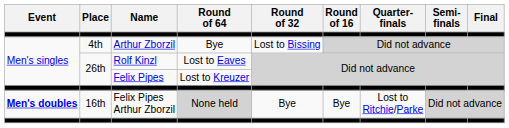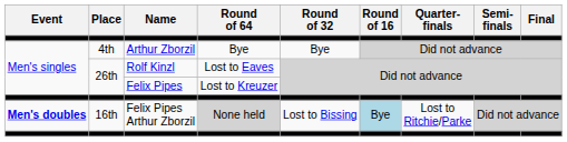 <table class=wikitable>
 <tr>
 <th>Event</th>
 <th>Place</th>
 <th>Name</th>
 <th>Round <br> of 64</th>
 <th>Round <br> of 32</th>
 <th>Round <br> of 16</th>
 <th>Quarter-<br>finals</th>
 <th>Semi-<br>finals</th>
 <th>Final</th>
 </tr>
 <tr bgcolor=black>
 <td></td>
 <td></td>
 <td></td>
 <td></td>
 <td></td>
 <td></td>
 <td></td>
 <td></td>
 <td></td>
 </tr>
 <tr align=center>
 <td rowspan=3 align=left><a href='#'>Men's singles</a></td>
 <td>4th</td>
 <td align=left><a href='#'>Arthur Zborzil</a></td>
 <td>Bye</td>
-<td>Lost to <a href='#'>Bissing</a></td>
+<td>Bye</td>
 <td colspan=4 bgcolor=lightgray>Did not advance</td>
 </tr>
 <tr align=center>
 <td rowspan=2>26th</td>
 <td align=left><a href='#'>Rolf Kinzl</a></td>
 <td>Lost to <a href='#'>Eaves</a></td>
 <td colspan=5 rowspan=2 bgcolor=lightgray>Did not advance</td>
 </tr>
 <tr align=center>
 <td align=left><a href='#'>Felix Pipes</a></td>
 <td>Lost to <a href='#'>Kreuzer</a></td>
 </tr>
 <tr bgcolor=black>
 <td></td>
 <td></td>
 <td></td>
 <td></td>
 <td></td>
 <td></td>
 <td></td>
 <td></td>
 <td></td>
 </tr>
 <tr align=center>
 <td align=left><strong><a href='#'>Men's doubles</a></strong></td>
 <td>16th</td>
 <td align=left>Felix Pipes <br> Arthur Zborzil</td>
 <td bgcolor=lightgray>None held</td>
-<td>Bye</td>
-<td>Bye</td>
+<td>Lost to <a href='#'>Bissing</a></td>
+<td style="background: lightblue;">Bye</td>
 <td>Lost to <br> <a href='#'>Ritchie</a>/<a href='#'>Parke</a></td>
 <td colspan=2 bgcolor=lightgray>Did not advance</td>
 </tr>
 <tr bgcolor=black>
 <td></td>
 <td></td>
 <td></td>
 <td></td>
 <td></td>
 <td></td>
 <td></td>
 <td></td>
 <td></td>
 </tr>
 </table>
